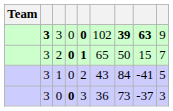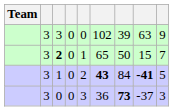 <table class="wikitable" style="text-align: center;">
 <tr>
 <th>Team</th>
 <th></th>
 <th></th>
 <th></th>
 <th></th>
 <th></th>
 <th></th>
 <th></th>
 <th></th>
 </tr>
 <tr bgcolor="ccffcc">
 <td align="left"></td>
-<td><strong>3</strong></td>
+<td>3</td>
 <td>3</td>
 <td>0</td>
-<td><strong>0</strong></td>
+<td>0</td>
 <td>102</td>
-<td><strong>39</strong></td>
-<td><strong>63</strong></td>
+<td>39</td>
+<td>63</td>
 <td>9</td>
 </tr>
 <tr bgcolor="ccffcc">
 <td align="left"></td>
 <td>3</td>
-<td>2</td>
-<td><strong>0</strong></td>
-<td><strong>1</strong></td>
+<td><strong>2</strong></td>
+<td>0</td>
+<td>1</td>
 <td>65</td>
 <td>50</td>
 <td>15</td>
 <td>7</td>
 </tr>
 <tr bgcolor="ccccff">
 <td align="left"></td>
 <td>3</td>
 <td>1</td>
 <td>0</td>
 <td>2</td>
-<td>43</td>
+<td><strong>43</strong></td>
 <td>84</td>
-<td>-41</td>
+<td><strong>-41</strong></td>
 <td>5</td>
 </tr>
 <tr bgcolor="ccccff">
 <td align="left"></td>
 <td>3</td>
 <td>0</td>
-<td><strong>0</strong></td>
+<td>0</td>
 <td>3</td>
 <td>36</td>
-<td>73</td>
+<td><strong>73</strong></td>
 <td>-37</td>
 <td>3</td>
 </tr>
 </table>
